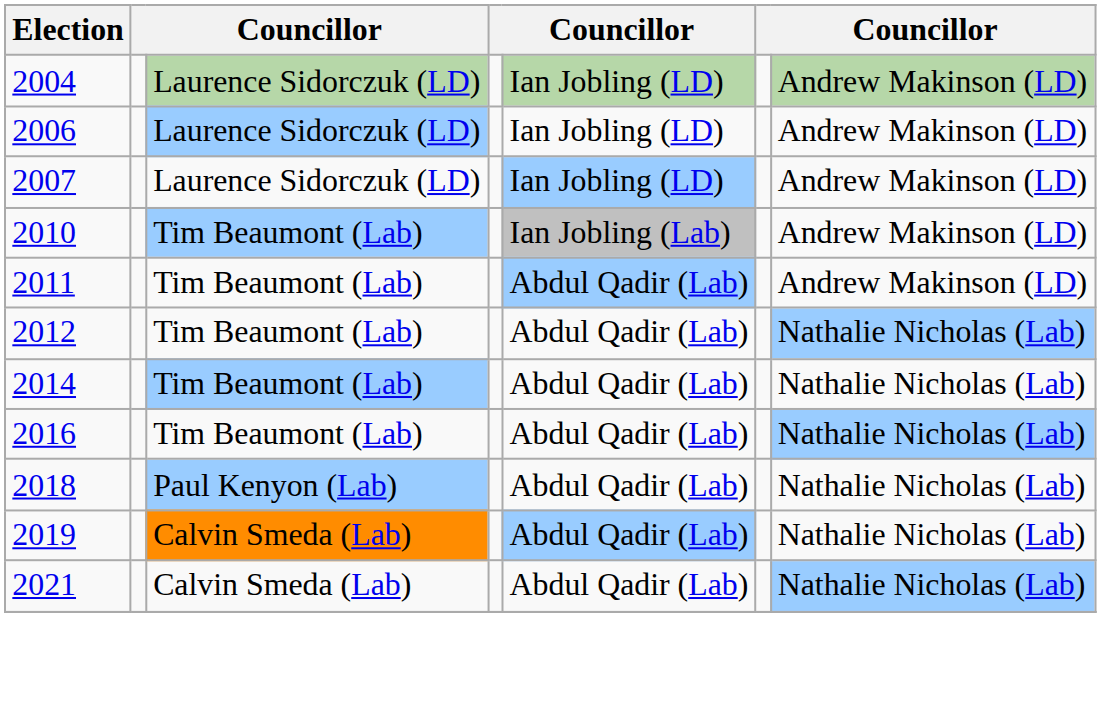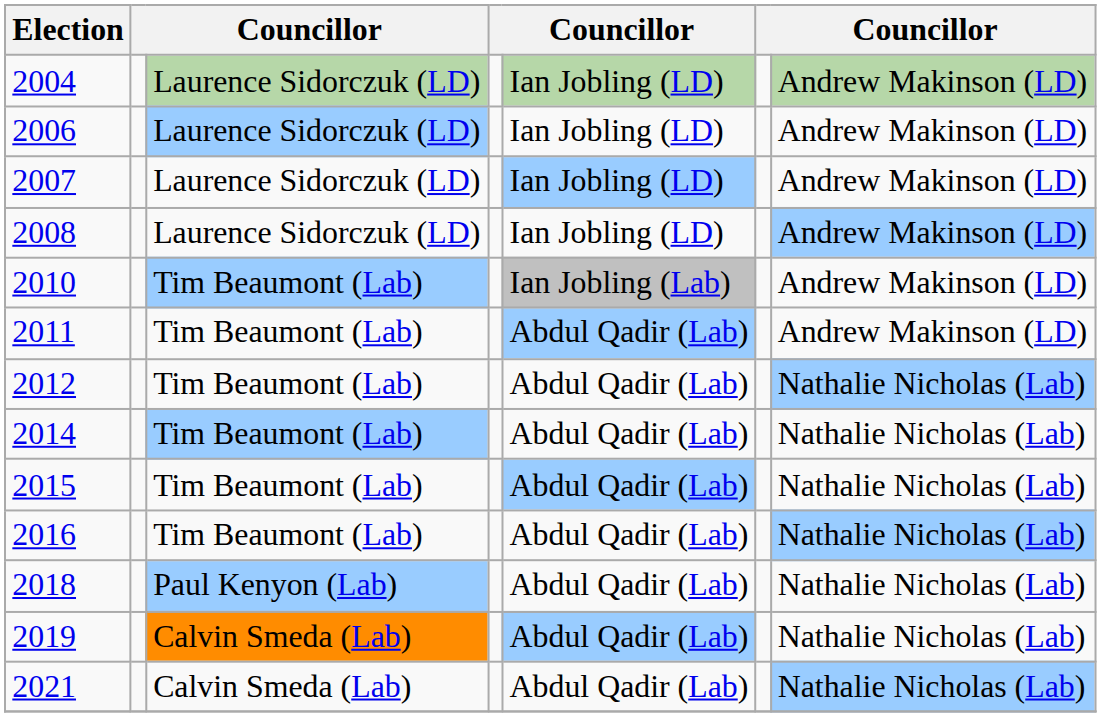 <table class="wikitable">
 <tr>
 <th>Election</th>
 <th colspan="2">Councillor</th>
 <th colspan="2">Councillor</th>
 <th colspan="2">Councillor</th>
 </tr>
 <tr>
 <td><a href='#'>2004</a></td>
 <td style="background-color: "></td>
 <td bgcolor="#B6D7A8">Laurence Sidorczuk (<a href='#'>LD</a>)</td>
 <td style="background-color: "></td>
 <td bgcolor="#B6D7A8">Ian Jobling (<a href='#'>LD</a>)</td>
 <td style="background-color: "></td>
 <td bgcolor="#B6D7A8">Andrew Makinson (<a href='#'>LD</a>)</td>
 </tr>
 <tr>
 <td><a href='#'>2006</a></td>
 <td style="background-color: "></td>
 <td bgcolor="#99CCFF">Laurence Sidorczuk (<a href='#'>LD</a>)</td>
 <td style="background-color: "></td>
 <td>Ian Jobling (<a href='#'>LD</a>)</td>
 <td style="background-color: "></td>
 <td>Andrew Makinson (<a href='#'>LD</a>)</td>
 </tr>
 <tr>
 <td><a href='#'>2007</a></td>
 <td style="background-color: "></td>
 <td>Laurence Sidorczuk (<a href='#'>LD</a>)</td>
 <td style="background-color: "></td>
 <td bgcolor="#99CCFF">Ian Jobling (<a href='#'>LD</a>)</td>
 <td style="background-color: "></td>
 <td>Andrew Makinson (<a href='#'>LD</a>)</td>
 </tr>
 <tr>
+<td><a href='#'>2008</a></td>
+<td style="background-color: "></td>
+<td>Laurence Sidorczuk (<a href='#'>LD</a>)</td>
+<td style="background-color: "></td>
+<td>Ian Jobling (<a href='#'>LD</a>)</td>
+<td style="background-color: "></td>
+<td bgcolor="#99CCFF">Andrew Makinson (<a href='#'>LD</a>)</td>
+</tr>
+<tr>
 <td><a href='#'>2010</a></td>
 <td style="background-color: "></td>
 <td bgcolor="#99CCFF">Tim Beaumont (<a href='#'>Lab</a>)</td>
 <td style="background-color: "></td>
 <td bgcolor="#C0C0C0">Ian Jobling (<a href='#'>Lab</a>)</td>
 <td style="background-color: "></td>
 <td>Andrew Makinson (<a href='#'>LD</a>)</td>
 </tr>
 <tr>
 <td><a href='#'>2011</a></td>
 <td style="background-color: "></td>
 <td>Tim Beaumont (<a href='#'>Lab</a>)</td>
 <td style="background-color: "></td>
 <td bgcolor="#99CCFF">Abdul Qadir (<a href='#'>Lab</a>)</td>
 <td style="background-color: "></td>
 <td>Andrew Makinson (<a href='#'>LD</a>)</td>
 </tr>
 <tr>
 <td><a href='#'>2012</a></td>
 <td style="background-color: "></td>
 <td>Tim Beaumont (<a href='#'>Lab</a>)</td>
 <td style="background-color: "></td>
 <td>Abdul Qadir (<a href='#'>Lab</a>)</td>
 <td style="background-color: "></td>
 <td bgcolor="#99CCFF">Nathalie Nicholas (<a href='#'>Lab</a>)</td>
 </tr>
 <tr>
 <td><a href='#'>2014</a></td>
 <td style="background-color: "></td>
 <td bgcolor="#99CCFF">Tim Beaumont (<a href='#'>Lab</a>)</td>
 <td style="background-color: "></td>
 <td>Abdul Qadir (<a href='#'>Lab</a>)</td>
+<td style="background-color: "></td>
+<td>Nathalie Nicholas (<a href='#'>Lab</a>)</td>
+</tr>
+<tr>
+<td><a href='#'>2015</a></td>
+<td style="background-color: "></td>
+<td>Tim Beaumont (<a href='#'>Lab</a>)</td>
+<td style="background-color: "></td>
+<td bgcolor="#99CCFF">Abdul Qadir (<a href='#'>Lab</a>)</td>
 <td style="background-color: "></td>
 <td>Nathalie Nicholas (<a href='#'>Lab</a>)</td>
 </tr>
 <tr>
 <td><a href='#'>2016</a></td>
 <td style="background-color: "></td>
 <td>Tim Beaumont (<a href='#'>Lab</a>)</td>
 <td style="background-color: "></td>
 <td>Abdul Qadir (<a href='#'>Lab</a>)</td>
 <td style="background-color: "></td>
 <td bgcolor="#99CCFF">Nathalie Nicholas (<a href='#'>Lab</a>)</td>
 </tr>
 <tr>
 <td><a href='#'>2018</a></td>
 <td style="background-color: "></td>
 <td bgcolor="#99CCFF">Paul Kenyon (<a href='#'>Lab</a>)</td>
 <td style="background-color: "></td>
 <td>Abdul Qadir (<a href='#'>Lab</a>)</td>
 <td style="background-color: "></td>
 <td>Nathalie Nicholas (<a href='#'>Lab</a>)</td>
 </tr>
 <tr>
 <td><a href='#'>2019</a></td>
 <td style="background-color: "></td>
 <td bgcolor="#FF8C00">Calvin Smeda (<a href='#'>Lab</a>)</td>
 <td style="background-color: "></td>
 <td bgcolor="#99CCFF">Abdul Qadir (<a href='#'>Lab</a>)</td>
 <td style="background-color: "></td>
 <td>Nathalie Nicholas (<a href='#'>Lab</a>)</td>
 </tr>
 <tr>
 <td><a href='#'>2021</a></td>
 <td style="background-color: "></td>
 <td>Calvin Smeda (<a href='#'>Lab</a>)</td>
 <td style="background-color: "></td>
 <td>Abdul Qadir (<a href='#'>Lab</a>)</td>
 <td style="background-color: "></td>
 <td bgcolor="#99CCFF">Nathalie Nicholas (<a href='#'>Lab</a>)</td>
 </tr>
 <tr>
 </tr>
 </table>
